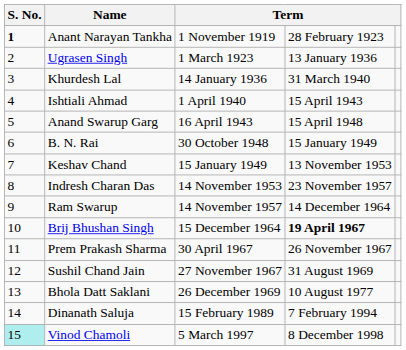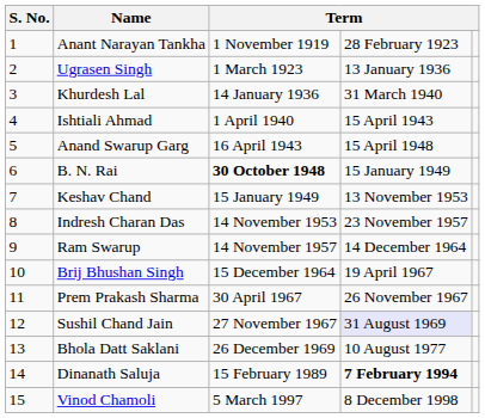 <table class="wikitable sortable">
 <tr>
 <th scope=col>S. No.</th>
 <th scope=col>Name</th>
 <th scope=col colspan=3>Term</th>
 </tr>
 <tr>
-<td><strong>1</strong></td>
+<td>1</td>
 <td>Anant Narayan Tankha</td>
 <td>1 November 1919</td>
 <td>28 February 1923</td>
 <td></td>
 </tr>
 <tr>
 <td>2</td>
 <td><a href='#'>Ugrasen Singh</a></td>
 <td>1 March 1923</td>
 <td>13 January 1936</td>
 <td></td>
 </tr>
 <tr>
 <td>3</td>
 <td>Khurdesh Lal</td>
 <td>14 January 1936</td>
 <td>31 March 1940</td>
 <td></td>
 </tr>
 <tr>
 <td>4</td>
 <td>Ishtiali Ahmad</td>
 <td>1 April 1940</td>
 <td>15 April 1943</td>
 <td></td>
 </tr>
 <tr>
 <td>5</td>
 <td>Anand Swarup Garg</td>
 <td>16 April 1943</td>
 <td>15 April 1948</td>
 <td></td>
 </tr>
 <tr>
 <td>6</td>
 <td>B. N. Rai</td>
-<td>30 October 1948</td>
+<td><strong>30 October 1948</strong></td>
 <td>15 January 1949</td>
 <td></td>
 </tr>
 <tr>
 <td>7</td>
 <td>Keshav Chand</td>
 <td>15 January 1949</td>
 <td>13 November 1953</td>
 <td></td>
 </tr>
 <tr>
 <td>8</td>
 <td>Indresh Charan Das</td>
 <td>14 November 1953</td>
 <td>23 November 1957</td>
 <td></td>
 </tr>
 <tr>
 <td>9</td>
 <td>Ram Swarup</td>
 <td>14 November 1957</td>
 <td>14 December 1964</td>
 <td></td>
 </tr>
 <tr>
 <td>10</td>
 <td><a href='#'>Brij Bhushan Singh</a></td>
 <td>15 December 1964</td>
-<td><strong>19 April 1967</strong></td>
+<td>19 April 1967</td>
 <td></td>
 </tr>
 <tr>
 <td>11</td>
 <td>Prem Prakash Sharma</td>
 <td>30 April 1967</td>
 <td>26 November 1967</td>
 <td></td>
 </tr>
 <tr>
 <td>12</td>
 <td>Sushil Chand Jain</td>
 <td>27 November 1967</td>
-<td>31 August 1969</td>
+<td style="background: lavender;">31 August 1969</td>
 <td></td>
 </tr>
 <tr>
 <td>13</td>
 <td>Bhola Datt Saklani</td>
 <td>26 December 1969</td>
 <td>10 August 1977</td>
 <td></td>
 </tr>
 <tr>
 <td>14</td>
 <td>Dinanath Saluja</td>
 <td>15 February 1989</td>
-<td>7 February 1994</td>
+<td><strong>7 February 1994</strong></td>
 <td></td>
 </tr>
 <tr>
-<td style="background: paleturquoise;">15</td>
+<td>15</td>
 <td><a href='#'>Vinod Chamoli</a></td>
 <td>5 March 1997</td>
 <td>8 December 1998</td>
 <td></td>
 </tr>
 </table>
